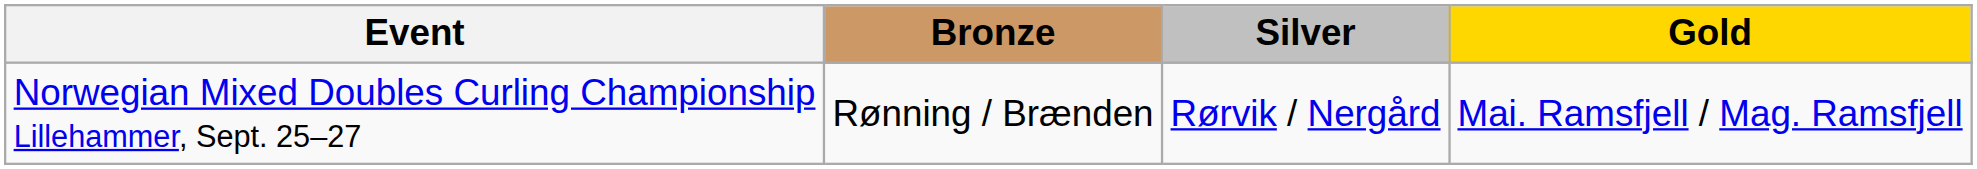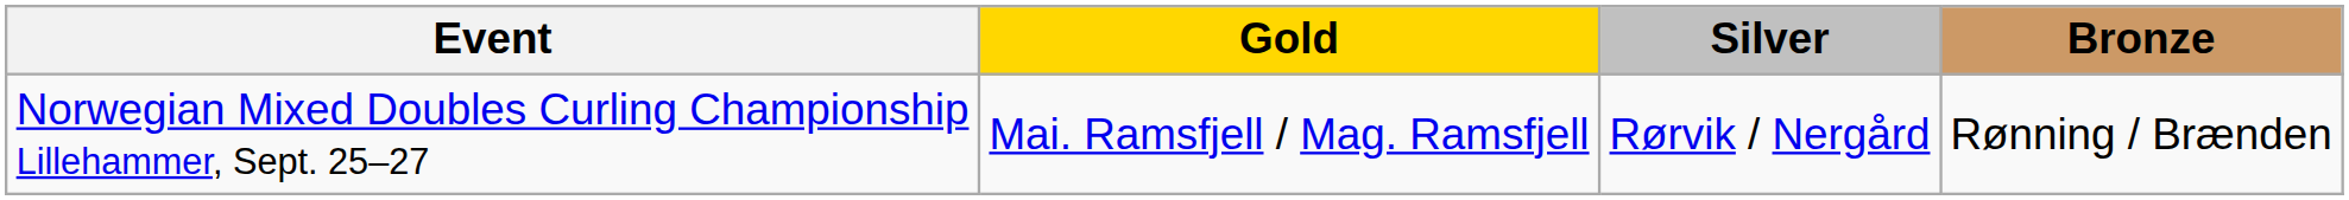 <table class="wikitable">
 <tr>
 <th>Event</th>
+<th style="background:gold">Gold</th>
+<th style="background:silver">Silver</th>
 <th style="background:#cc9966">Bronze</th>
-<th style="background:silver">Silver</th>
-<th style="background:gold">Gold</th>
 </tr>
 <tr>
 <td><a href='#'>Norwegian Mixed Doubles Curling Championship</a><br> <small><a href='#'>Lillehammer</a>, Sept. 25–27</small></td>
+<td><a href='#'>Mai. Ramsfjell</a> / <a href='#'>Mag. Ramsfjell</a></td>
+<td><a href='#'>Rørvik</a> / <a href='#'>Nergård</a></td>
 <td>Rønning / Brænden</td>
-<td><a href='#'>Rørvik</a> / <a href='#'>Nergård</a></td>
-<td><a href='#'>Mai. Ramsfjell</a> / <a href='#'>Mag. Ramsfjell</a></td>
 </tr>
 </table>
